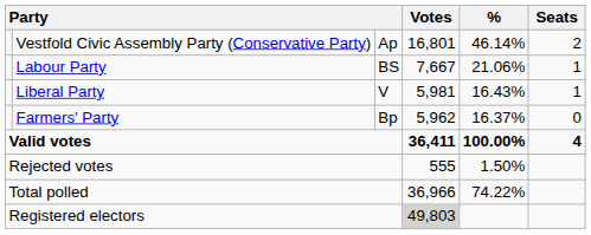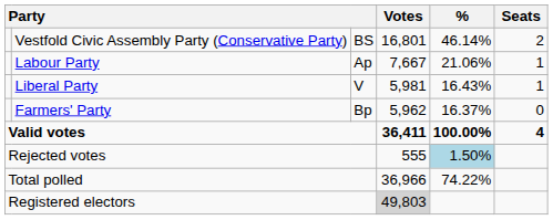 <table class="wikitable" border="1" style="text-align:right;">
 <tr>
 <th style="text-align:left;" colspan=3>Party</th>
 <th align=center width="50">Votes</th>
 <th align=center width="50">%</th>
 <th align=center width="50">Seats</th>
 </tr>
 <tr>
 <td></td>
 <td align=left>Vestfold Civic Assembly Party (<a href='#'>Conservative Party</a>)</td>
-<td align=left>Ap</td>
+<td align=left>BS</td>
 <td>16,801</td>
 <td>46.14%</td>
 <td>2</td>
 </tr>
 <tr>
 <td style="color:inherit;background:"></td>
 <td align=left><a href='#'>Labour Party</a></td>
-<td align=left>BS</td>
+<td align=left>Ap</td>
 <td>7,667</td>
 <td>21.06%</td>
 <td>1</td>
 </tr>
 <tr>
 <td style="color:inherit;background:"></td>
 <td align=left><a href='#'>Liberal Party</a></td>
 <td align=left>V</td>
 <td>5,981</td>
 <td>16.43%</td>
 <td>1</td>
 </tr>
 <tr>
 <td style="color:inherit;background:"></td>
 <td align=left><a href='#'>Farmers' Party</a></td>
 <td align=left>Bp</td>
 <td>5,962</td>
 <td>16.37%</td>
 <td>0</td>
 </tr>
 <tr style="font-weight:bold">
 <td align=left colspan=3>Valid votes</td>
 <td>36,411</td>
 <td>100.00%</td>
 <td>4</td>
 </tr>
 <tr>
 <td align=left colspan=3>Rejected votes</td>
 <td>555</td>
-<td>1.50%</td>
+<td style="background: lightblue;">1.50%</td>
 <td></td>
 </tr>
 <tr>
 <td align=left colspan=3>Total polled</td>
 <td>36,966</td>
 <td>74.22%</td>
 <td></td>
 </tr>
 <tr>
 <td align=left colspan=3>Registered electors</td>
 <td style="background: lightgrey;">49,803</td>
 <td></td>
 <td></td>
 </tr>
 </table>
